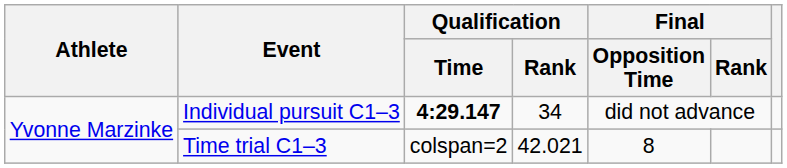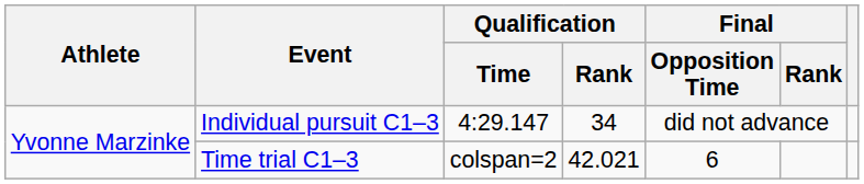 <table class=wikitable style="font-size:90%">
 <tr>
 <th rowspan="2">Athlete</th>
 <th rowspan="2">Event</th>
 <th colspan="2">Qualification</th>
 <th colspan="2">Final</th>
 <th rowspan="2"></th>
 </tr>
 <tr>
 <th>Time</th>
 <th>Rank</th>
 <th>Opposition<br>Time</th>
 <th>Rank</th>
 </tr>
 <tr align=center>
 <td align=left rowspan=2><a href='#'>Yvonne Marzinke</a></td>
 <td align=left><a href='#'>Individual pursuit C1–3</a></td>
-<td><strong>4:29.147</strong></td>
+<td>4:29.147</td>
 <td>34</td>
 <td colspan=2>did not advance</td>
 <td></td>
 </tr>
 <tr align=center>
 <td align=left><a href='#'>Time trial C1–3</a></td>
 <td>colspan=2</td>
 <td>42.021</td>
-<td>8</td>
+<td>6</td>
 <td></td>
 </tr>
 </table>
